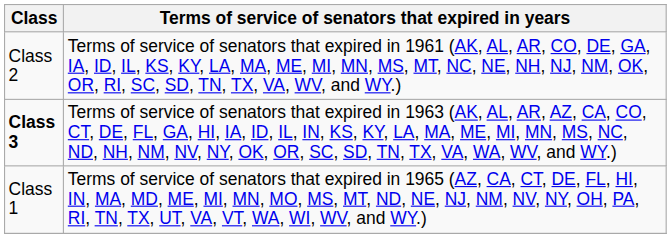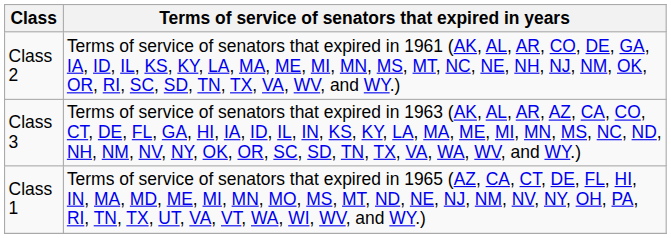 <table class="wikitable sortable">
 <tr valign=bottom>
 <th>Class</th>
 <th>Terms of service of senators that expired in years</th>
 </tr>
 <tr>
 <td>Class 2</td>
 <td>Terms of service of senators that expired in 1961 (<a href='#'>AK</a>, <a href='#'>AL</a>, <a href='#'>AR</a>, <a href='#'>CO</a>, <a href='#'>DE</a>, <a href='#'>GA</a>, <a href='#'>IA</a>, <a href='#'>ID</a>, <a href='#'>IL</a>, <a href='#'>KS</a>, <a href='#'>KY</a>, <a href='#'>LA</a>, <a href='#'>MA</a>, <a href='#'>ME</a>, <a href='#'>MI</a>, <a href='#'>MN</a>, <a href='#'>MS</a>, <a href='#'>MT</a>, <a href='#'>NC</a>, <a href='#'>NE</a>, <a href='#'>NH</a>, <a href='#'>NJ</a>, <a href='#'>NM</a>, <a href='#'>OK</a>, <a href='#'>OR</a>, <a href='#'>RI</a>, <a href='#'>SC</a>, <a href='#'>SD</a>, <a href='#'>TN</a>, <a href='#'>TX</a>, <a href='#'>VA</a>, <a href='#'>WV</a>, and <a href='#'>WY</a>.)</td>
 </tr>
 <tr>
-<td><strong>Class 3</strong></td>
+<td>Class 3</td>
 <td>Terms of service of senators that expired in 1963 (<a href='#'>AK</a>, <a href='#'>AL</a>, <a href='#'>AR</a>, <a href='#'>AZ</a>, <a href='#'>CA</a>, <a href='#'>CO</a>, <a href='#'>CT</a>, <a href='#'>DE</a>, <a href='#'>FL</a>, <a href='#'>GA</a>, <a href='#'>HI</a>, <a href='#'>IA</a>, <a href='#'>ID</a>, <a href='#'>IL</a>, <a href='#'>IN</a>, <a href='#'>KS</a>, <a href='#'>KY</a>, <a href='#'>LA</a>, <a href='#'>MA</a>, <a href='#'>ME</a>, <a href='#'>MI</a>, <a href='#'>MN</a>, <a href='#'>MS</a>, <a href='#'>NC</a>, <a href='#'>ND</a>, <a href='#'>NH</a>, <a href='#'>NM</a>, <a href='#'>NV</a>, <a href='#'>NY</a>, <a href='#'>OK</a>, <a href='#'>OR</a>, <a href='#'>SC</a>, <a href='#'>SD</a>, <a href='#'>TN</a>, <a href='#'>TX</a>, <a href='#'>VA</a>, <a href='#'>WA</a>, <a href='#'>WV</a>, and <a href='#'>WY</a>.)</td>
 </tr>
 <tr>
 <td>Class 1</td>
 <td>Terms of service of senators that expired in 1965 (<a href='#'>AZ</a>, <a href='#'>CA</a>, <a href='#'>CT</a>, <a href='#'>DE</a>, <a href='#'>FL</a>, <a href='#'>HI</a>, <a href='#'>IN</a>, <a href='#'>MA</a>, <a href='#'>MD</a>, <a href='#'>ME</a>, <a href='#'>MI</a>, <a href='#'>MN</a>, <a href='#'>MO</a>, <a href='#'>MS</a>, <a href='#'>MT</a>, <a href='#'>ND</a>, <a href='#'>NE</a>, <a href='#'>NJ</a>, <a href='#'>NM</a>, <a href='#'>NV</a>, <a href='#'>NY</a>, <a href='#'>OH</a>, <a href='#'>PA</a>, <a href='#'>RI</a>, <a href='#'>TN</a>, <a href='#'>TX</a>, <a href='#'>UT</a>, <a href='#'>VA</a>, <a href='#'>VT</a>, <a href='#'>WA</a>, <a href='#'>WI</a>, <a href='#'>WV</a>, and <a href='#'>WY</a>.)</td>
 </tr>
 <tr>
 </tr>
 </table>
